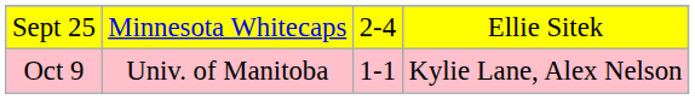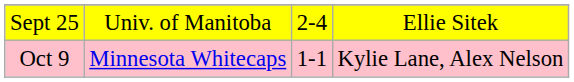 <table class="wikitable">
 <tr align="center">
 </tr>
 <tr align="center" bgcolor="yellow">
 <td>Sept 25</td>
-<td><a href='#'>Minnesota Whitecaps</a></td>
+<td>Univ. of Manitoba</td>
 <td>2-4</td>
 <td>Ellie Sitek</td>
 </tr>
 <tr align="center" bgcolor="pink">
 <td>Oct 9</td>
-<td>Univ. of Manitoba</td>
+<td><a href='#'>Minnesota Whitecaps</a></td>
 <td>1-1</td>
 <td>Kylie Lane, Alex Nelson</td>
 </tr>
 </table>
